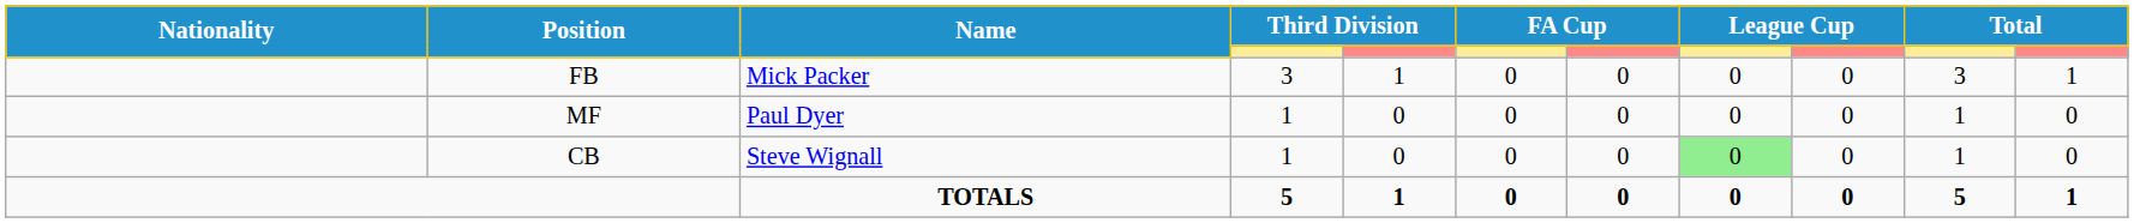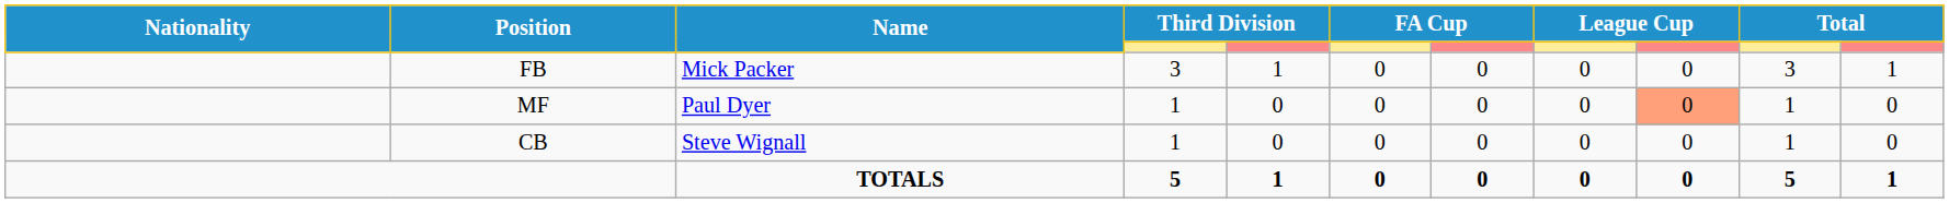 <table class="wikitable" style="text-align:center; font-size:90%; width:100%;">
 <tr>
 <th rowspan="2" style="background:#2191CC; color:white; border:1px solid #F7C408; text-align:center;">Nationality</th>
 <th rowspan="2" style="background:#2191CC; color:white; border:1px solid #F7C408; text-align:center;">Position</th>
 <th rowspan="2" style="background:#2191CC; color:white; border:1px solid #F7C408; text-align:center;">Name</th>
 <th colspan="2" style="background:#2191CC; color:white; border:1px solid #F7C408; text-align:center;">Third Division</th>
 <th colspan="2" style="background:#2191CC; color:white; border:1px solid #F7C408; text-align:center;">FA Cup</th>
 <th colspan="2" style="background:#2191CC; color:white; border:1px solid #F7C408; text-align:center;">League Cup</th>
 <th colspan="2" style="background:#2191CC; color:white; border:1px solid #F7C408; text-align:center;">Total</th>
 </tr>
 <tr>
 <th width=60 style="background: #FFEE99"></th>
 <th width=60 style="background: #FF8888"></th>
 <th width=60 style="background: #FFEE99"></th>
 <th width=60 style="background: #FF8888"></th>
 <th width=60 style="background: #FFEE99"></th>
 <th width=60 style="background: #FF8888"></th>
 <th width=60 style="background: #FFEE99"></th>
 <th width=60 style="background: #FF8888"></th>
 </tr>
 <tr>
 <td></td>
 <td>FB</td>
 <td align="left"><a href='#'>Mick Packer</a></td>
 <td>3</td>
 <td>1</td>
 <td>0</td>
 <td>0</td>
 <td>0</td>
 <td>0</td>
 <td>3</td>
 <td>1</td>
 </tr>
 <tr>
 <td></td>
 <td>MF</td>
 <td align="left"><a href='#'>Paul Dyer</a></td>
 <td>1</td>
 <td>0</td>
 <td>0</td>
 <td>0</td>
 <td>0</td>
-<td>0</td>
+<td style="background: lightsalmon;">0</td>
 <td>1</td>
 <td>0</td>
 </tr>
 <tr>
 <td></td>
 <td>CB</td>
 <td align="left"><a href='#'>Steve Wignall</a></td>
 <td>1</td>
 <td>0</td>
 <td>0</td>
 <td>0</td>
-<td style="background: lightgreen;">0</td>
+<td>0</td>
 <td>0</td>
 <td>1</td>
 <td>0</td>
 </tr>
 <tr>
 <td colspan="2"></td>
 <td><strong>TOTALS</strong></td>
 <td><strong>5</strong></td>
 <td><strong>1</strong></td>
 <td><strong>0</strong></td>
 <td><strong>0</strong></td>
 <td><strong>0</strong></td>
 <td><strong>0</strong></td>
 <td><strong>5</strong></td>
 <td><strong>1</strong></td>
 </tr>
 </table>
